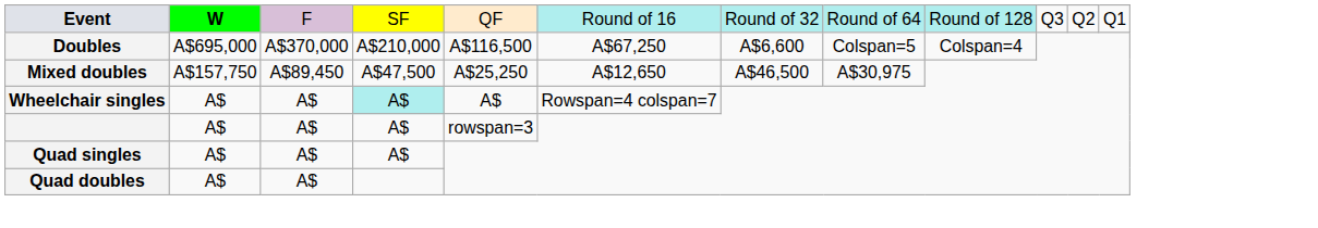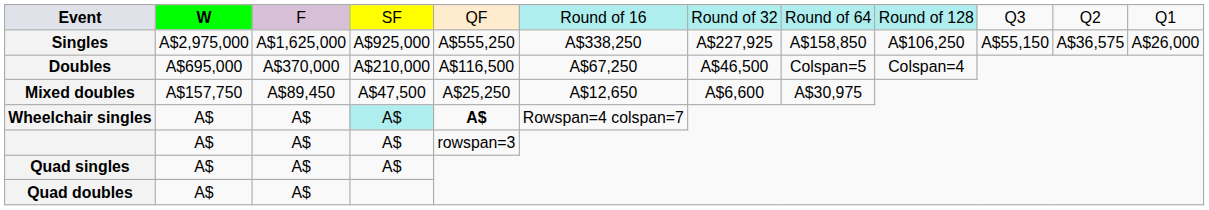 <table class="wikitable" style="font-size:90%;text-align:center; width:auto">
 <tr>
 <td style="background:#dfe2e9;"><strong>Event</strong></td>
 <td style="background:lime;"><strong>W</strong></td>
 <td style="background:thistle;">F</td>
 <td style="background:#ff0;">SF</td>
 <td style="background:#ffebcd;">QF</td>
 <td style="background:#afeeee;">Round of 16</td>
 <td style="background:#afeeee;">Round of 32</td>
 <td style="background:#afeeee;">Round of 64</td>
 <td style="background:#afeeee;">Round of 128</td>
 <td>Q3</td>
 <td>Q2</td>
 <td>Q1</td>
 </tr>
 <tr>
+<td style="background:#f3f3f3;"><strong>Singles</strong></td>
+<td>A$2,975,000</td>
+<td>A$1,625,000</td>
+<td>A$925,000</td>
+<td>A$555,250</td>
+<td>A$338,250</td>
+<td>A$227,925</td>
+<td>A$158,850</td>
+<td>A$106,250</td>
+<td>A$55,150</td>
+<td>A$36,575</td>
+<td>A$26,000</td>
+</tr>
+<tr>
 <td style="background:#f3f3f3;"><strong>Doubles</strong></td>
 <td>A$695,000</td>
 <td>A$370,000</td>
 <td>A$210,000</td>
 <td>A$116,500</td>
 <td>A$67,250</td>
-<td>A$6,600</td>
+<td>A$46,500</td>
 <td>Colspan=5 </td>
 <td>Colspan=4 </td>
 </tr>
 <tr>
 <td style="background:#f3f3f3;"><strong>Mixed doubles</strong></td>
 <td>A$157,750</td>
 <td>A$89,450</td>
 <td>A$47,500</td>
 <td>A$25,250</td>
 <td>A$12,650</td>
-<td>A$46,500</td>
+<td>A$6,600</td>
 <td>A$30,975</td>
 </tr>
 <tr>
 <td style="background:#f3f3f3;"><strong>Wheelchair singles</strong></td>
 <td>A$</td>
 <td>A$</td>
 <td style="background: paleturquoise;">A$</td>
-<td>A$</td>
+<td><strong>A$</strong></td>
 <td>Rowspan=4 colspan=7 </td>
 </tr>
 <tr>
 <td style="background:#f3f3f3;"></td>
 <td>A$</td>
 <td>A$</td>
 <td>A$</td>
 <td>rowspan=3 </td>
 </tr>
 <tr>
 <td style="background:#f3f3f3;"><strong>Quad singles</strong></td>
 <td>A$</td>
 <td>A$</td>
 <td>A$</td>
 </tr>
 <tr>
 <td style="background:#f3f3f3;"><strong>Quad doubles</strong></td>
 <td>A$</td>
 <td>A$</td>
 <td></td>
 </tr>
 </table>
